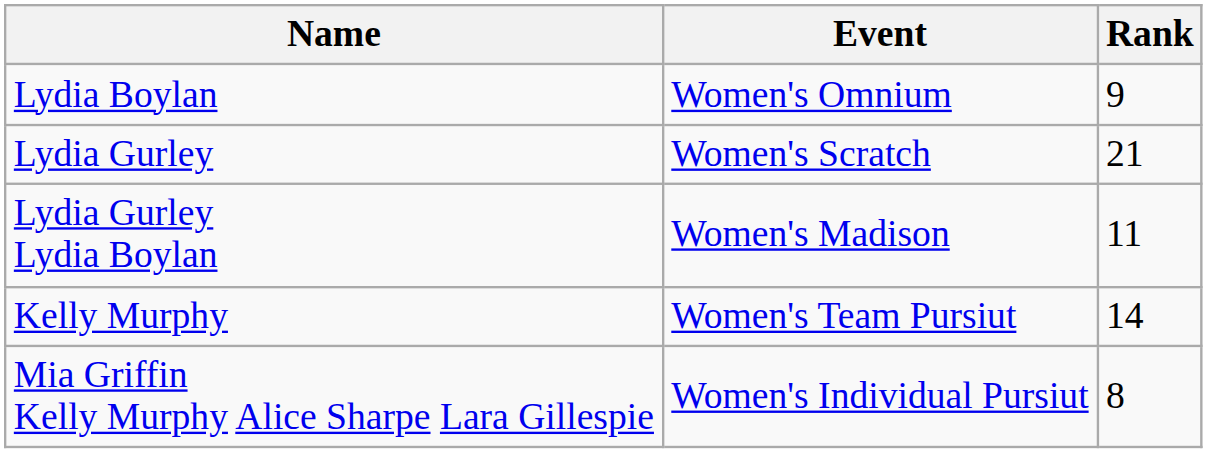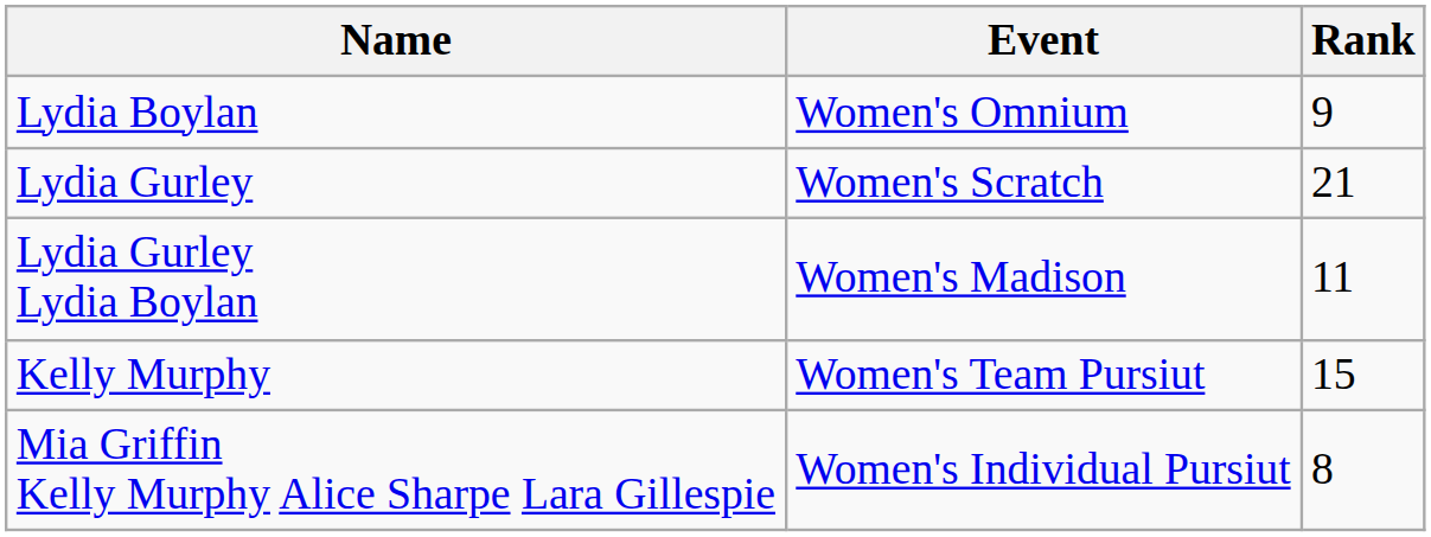 <table class="wikitable">
 <tr>
 <th>Name</th>
 <th>Event</th>
 <th>Rank</th>
 </tr>
 <tr>
 <td><a href='#'>Lydia Boylan</a></td>
 <td><a href='#'>Women's Omnium</a></td>
 <td>9</td>
 </tr>
 <tr>
 <td><a href='#'>Lydia Gurley</a></td>
 <td><a href='#'>Women's Scratch</a></td>
 <td>21</td>
 </tr>
 <tr>
 <td><a href='#'>Lydia Gurley</a><br><a href='#'>Lydia Boylan</a></td>
 <td><a href='#'>Women's Madison</a></td>
 <td>11</td>
 </tr>
 <tr>
 <td><a href='#'>Kelly Murphy</a></td>
 <td><a href='#'>Women's Team Pursiut</a></td>
-<td>14</td>
+<td>15</td>
 </tr>
 <tr>
 <td><a href='#'>Mia Griffin</a><br><a href='#'>Kelly Murphy</a> <a href='#'>Alice Sharpe</a> <a href='#'>Lara Gillespie</a></td>
 <td><a href='#'>Women's Individual Pursiut</a></td>
 <td>8</td>
 </tr>
 </table>
